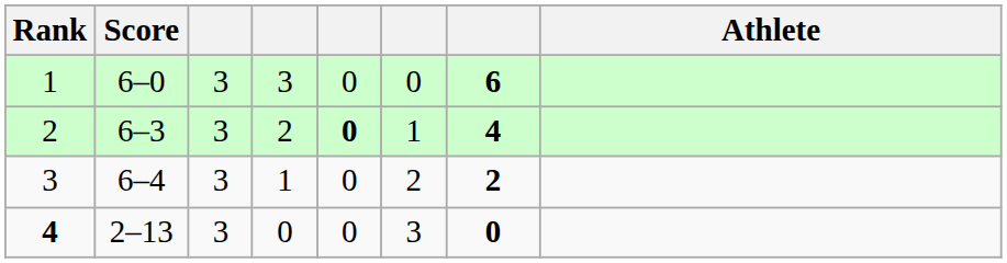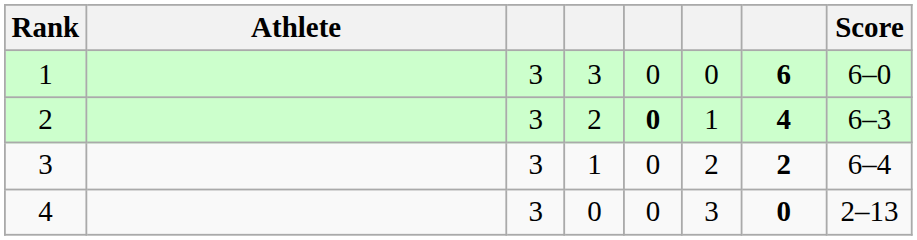 <table class="wikitable" style="text-align: center;">
 <tr>
 <th width=25>Rank</th>
-<th width=40>Score</th>
+<th width=225>Athlete</th>
 <th width=25></th>
 <th width=25></th>
 <th width=25></th>
 <th width=25></th>
 <th width=40></th>
-<th width=225>Athlete</th>
+<th width=40>Score</th>
 </tr>
 <tr bgcolor=ccffcc>
 <td>1</td>
-<td>6–0</td>
+<td align=left></td>
 <td>3</td>
 <td>3</td>
 <td>0</td>
 <td>0</td>
 <td><strong>6</strong></td>
-<td align=left></td>
+<td>6–0</td>
 </tr>
 <tr bgcolor=ccffcc>
 <td>2</td>
-<td>6–3</td>
+<td align=left></td>
 <td>3</td>
 <td>2</td>
 <td><strong>0</strong></td>
 <td>1</td>
 <td><strong>4</strong></td>
-<td align=left></td>
+<td>6–3</td>
 </tr>
 <tr>
 <td>3</td>
-<td>6–4</td>
+<td align=left></td>
 <td>3</td>
 <td>1</td>
 <td>0</td>
 <td>2</td>
 <td><strong>2</strong></td>
-<td align=left></td>
+<td>6–4</td>
 </tr>
 <tr>
-<td><strong>4</strong></td>
-<td>2–13</td>
+<td>4</td>
+<td align=left></td>
 <td>3</td>
 <td>0</td>
 <td>0</td>
 <td>3</td>
 <td><strong>0</strong></td>
-<td align=left></td>
+<td>2–13</td>
 </tr>
 </table>
